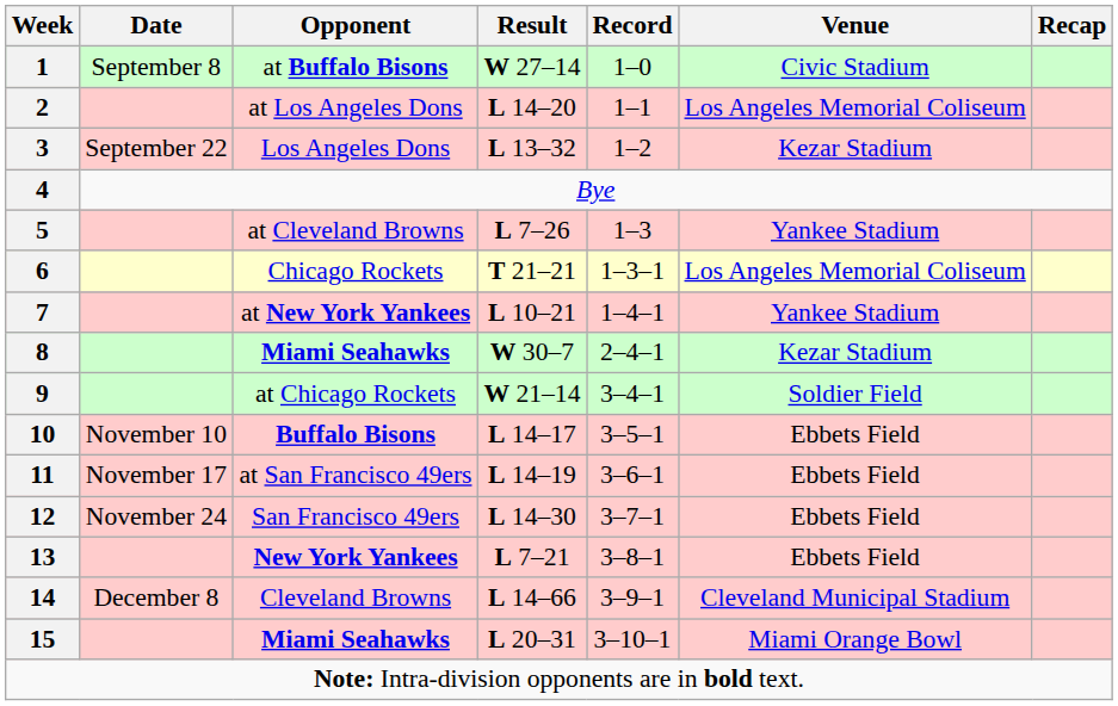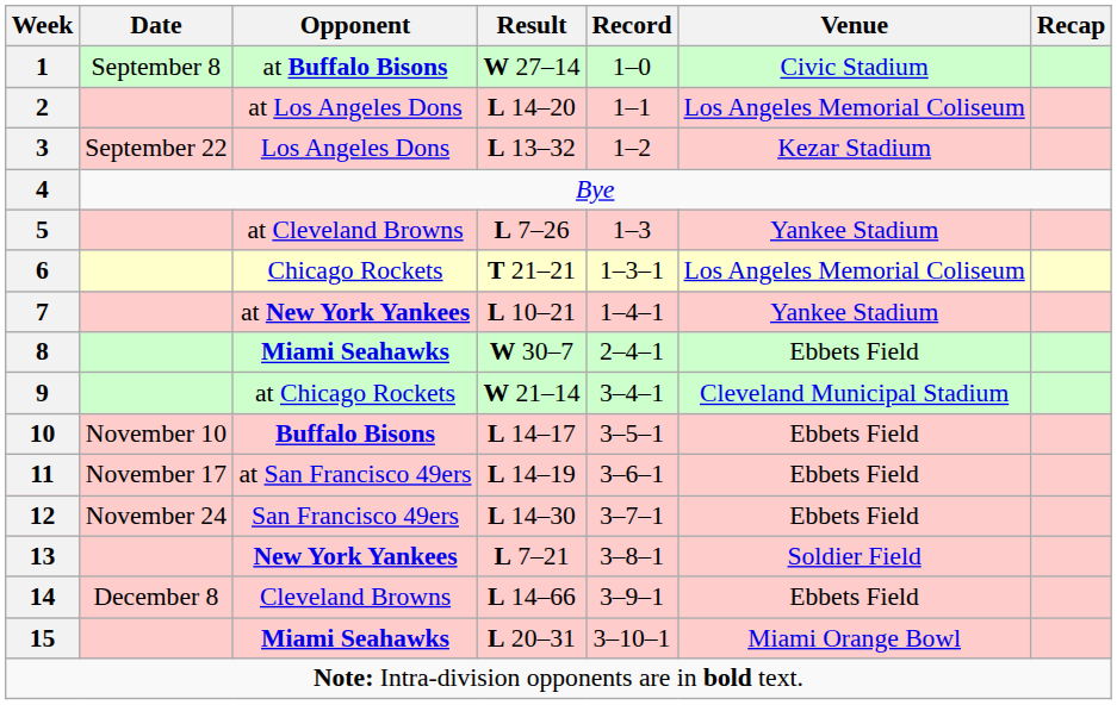 <table class="wikitable" style="text-align:center">
 <tr>
 <th>Week</th>
 <th>Date</th>
 <th>Opponent</th>
 <th>Result</th>
 <th>Record</th>
 <th>Venue</th>
 <th>Recap</th>
 </tr>
 <tr style="background:#cfc">
 <th>1</th>
 <td>September 8</td>
 <td>at <strong><a href='#'>Buffalo Bisons</a></strong></td>
 <td><strong>W</strong> 27–14</td>
 <td>1–0</td>
 <td><a href='#'>Civic Stadium</a></td>
 <td></td>
 </tr>
 <tr style="background:#fcc">
 <th>2</th>
 <td></td>
 <td>at <a href='#'>Los Angeles Dons</a></td>
 <td><strong>L</strong> 14–20</td>
 <td>1–1</td>
 <td><a href='#'>Los Angeles Memorial Coliseum</a></td>
 <td></td>
 </tr>
 <tr style="background:#fcc">
 <th>3</th>
 <td>September 22</td>
 <td><a href='#'>Los Angeles Dons</a></td>
 <td><strong>L</strong> 13–32</td>
 <td>1–2</td>
 <td><a href='#'>Kezar Stadium</a></td>
 <td></td>
 </tr>
 <tr>
 <th>4</th>
 <td colspan=6 align=center><em><a href='#'>Bye</a></em></td>
 </tr>
 <tr style="background:#fcc">
 <th>5</th>
 <td></td>
 <td>at <a href='#'>Cleveland Browns</a></td>
 <td><strong>L</strong> 7–26</td>
 <td>1–3</td>
 <td><a href='#'>Yankee Stadium</a></td>
 <td></td>
 </tr>
 <tr style="background:#ffc">
 <th>6</th>
 <td></td>
 <td><a href='#'>Chicago Rockets</a></td>
 <td><strong>T</strong> 21–21</td>
 <td>1–3–1</td>
 <td><a href='#'>Los Angeles Memorial Coliseum</a></td>
 <td></td>
 </tr>
 <tr style="background:#fcc">
 <th>7</th>
 <td></td>
 <td>at <strong><a href='#'>New York Yankees</a></strong></td>
 <td><strong>L</strong> 10–21</td>
 <td>1–4–1</td>
 <td><a href='#'>Yankee Stadium</a></td>
 <td></td>
 </tr>
 <tr style="background:#cfc">
 <th>8</th>
 <td></td>
 <td><strong><a href='#'>Miami Seahawks</a></strong></td>
 <td><strong>W</strong> 30–7</td>
 <td>2–4–1</td>
-<td><a href='#'>Kezar Stadium</a></td>
+<td>Ebbets Field</td>
 <td></td>
 </tr>
 <tr style="background:#cfc">
 <th>9</th>
 <td></td>
 <td>at <a href='#'>Chicago Rockets</a></td>
 <td><strong>W</strong> 21–14</td>
 <td>3–4–1</td>
-<td><a href='#'>Soldier Field</a></td>
+<td><a href='#'>Cleveland Municipal Stadium</a></td>
 <td></td>
 </tr>
 <tr style="background:#fcc">
 <th>10</th>
 <td>November 10</td>
 <td><strong><a href='#'>Buffalo Bisons</a></strong></td>
 <td><strong>L</strong> 14–17</td>
 <td>3–5–1</td>
 <td>Ebbets Field</td>
 <td></td>
 </tr>
 <tr style="background:#fcc">
 <th>11</th>
 <td>November 17</td>
 <td>at <a href='#'>San Francisco 49ers</a></td>
 <td><strong>L</strong> 14–19</td>
 <td>3–6–1</td>
 <td>Ebbets Field</td>
 <td></td>
 </tr>
 <tr style="background:#fcc">
 <th>12</th>
 <td>November 24</td>
 <td><a href='#'>San Francisco 49ers</a></td>
 <td><strong>L</strong> 14–30</td>
 <td>3–7–1</td>
 <td>Ebbets Field</td>
 <td></td>
 </tr>
 <tr style="background:#fcc">
 <th>13</th>
 <td></td>
 <td><strong><a href='#'>New York Yankees</a></strong></td>
 <td><strong>L</strong> 7–21</td>
 <td>3–8–1</td>
-<td>Ebbets Field</td>
+<td><a href='#'>Soldier Field</a></td>
 <td></td>
 </tr>
 <tr style="background:#fcc">
 <th>14</th>
 <td>December 8</td>
 <td><a href='#'>Cleveland Browns</a></td>
 <td><strong>L</strong> 14–66</td>
 <td>3–9–1</td>
-<td><a href='#'>Cleveland Municipal Stadium</a></td>
+<td>Ebbets Field</td>
 <td></td>
 </tr>
 <tr style="background:#fcc">
 <th>15</th>
 <td></td>
 <td><strong><a href='#'>Miami Seahawks</a></strong></td>
 <td><strong>L</strong> 20–31</td>
 <td>3–10–1</td>
 <td><a href='#'>Miami Orange Bowl</a></td>
 <td></td>
 </tr>
 <tr>
 <td colspan="8"><strong>Note:</strong> Intra-division opponents are in <strong>bold</strong> text.</td>
 </tr>
 </table>
